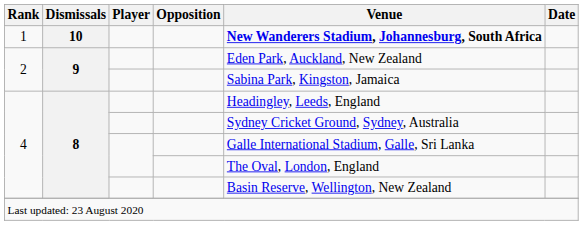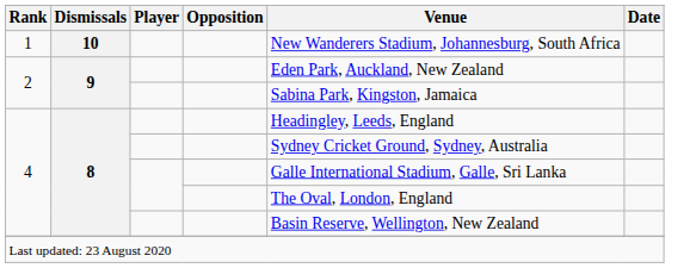 <table class="wikitable plainrowheaders sortable">
 <tr>
 <th scope=col>Rank</th>
 <th scope=col>Dismissals</th>
 <th scope=col>Player</th>
 <th scope=col>Opposition</th>
 <th scope=col>Venue</th>
 <th scope=col>Date</th>
 </tr>
 <tr>
 <td align=center>1</td>
 <th scope=row style=text-align:center;>10</th>
 <td></td>
 <td></td>
-<td><strong><a href='#'>New Wanderers Stadium</a>, <a href='#'>Johannesburg</a>, South Africa</strong></td>
+<td><a href='#'>New Wanderers Stadium</a>, <a href='#'>Johannesburg</a>, South Africa</td>
 <td></td>
 </tr>
 <tr>
 <td align=center rowspan=2>2</td>
 <th scope=row style=text-align:center; rowspan=2>9</th>
 <td></td>
 <td></td>
 <td><a href='#'>Eden Park</a>, <a href='#'>Auckland</a>, New Zealand</td>
 <td></td>
 </tr>
 <tr>
 <td></td>
 <td></td>
 <td><a href='#'>Sabina Park</a>, <a href='#'>Kingston</a>, Jamaica</td>
 <td></td>
 </tr>
 <tr>
 <td align=center rowspan=5>4</td>
 <th scope=row style=text-align:center; rowspan=5>8</th>
 <td></td>
 <td></td>
 <td><a href='#'>Headingley</a>, <a href='#'>Leeds</a>, England</td>
 <td></td>
 </tr>
 <tr>
 <td></td>
 <td></td>
 <td><a href='#'>Sydney Cricket Ground</a>, <a href='#'>Sydney</a>, Australia</td>
 <td></td>
 </tr>
 <tr>
 <td rowspan=2></td>
 <td></td>
 <td><a href='#'>Galle International Stadium</a>, <a href='#'>Galle</a>, Sri Lanka</td>
 <td></td>
 </tr>
 <tr>
 <td></td>
 <td><a href='#'>The Oval</a>, <a href='#'>London</a>, England</td>
 <td></td>
 </tr>
 <tr>
 <td></td>
 <td></td>
 <td><a href='#'>Basin Reserve</a>, <a href='#'>Wellington</a>, New Zealand</td>
 <td></td>
 </tr>
 <tr>
 </tr>
 <tr class=sortbottom>
 <td colspan=6><small>Last updated: 23 August 2020</small></td>
 </tr>
 </table>
